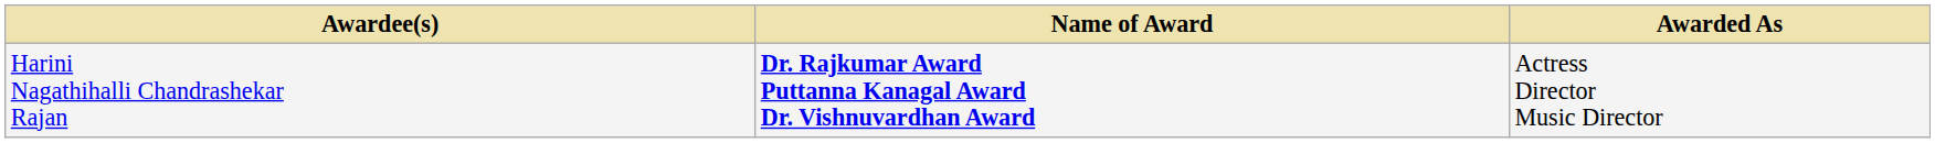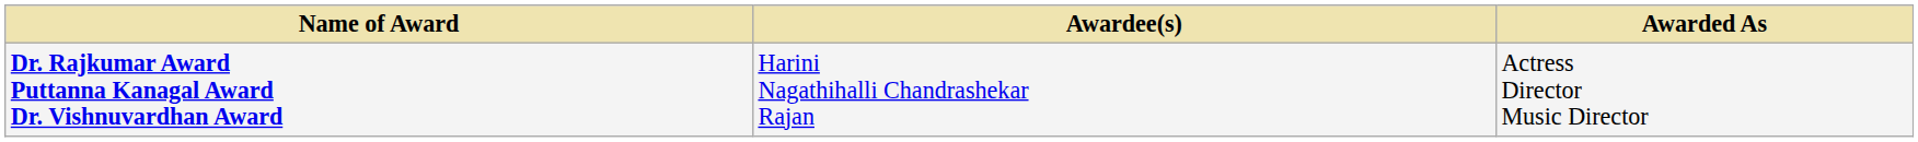 <table class="wikitable" style="width:100%;">
 <tr>
+<th style="background-color:#EFE4B0;">Name of Award</th>
 <th style="background-color:#EFE4B0;">Awardee(s)</th>
-<th style="background-color:#EFE4B0;">Name of Award</th>
 <th style="background-color:#EFE4B0;">Awarded As</th>
 </tr>
 <tr style="background-color:#F4F4F4">
+<td><strong><a href='#'>Dr. Rajkumar Award</a></strong><br><strong><a href='#'>Puttanna Kanagal Award</a></strong><br><strong><a href='#'>Dr. Vishnuvardhan Award</a></strong></td>
 <td><a href='#'>Harini</a><br><a href='#'>Nagathihalli Chandrashekar</a><br><a href='#'>Rajan</a></td>
-<td><strong><a href='#'>Dr. Rajkumar Award</a></strong><br><strong><a href='#'>Puttanna Kanagal Award</a></strong><br><strong><a href='#'>Dr. Vishnuvardhan Award</a></strong></td>
 <td>Actress<br>Director<br>Music Director</td>
 </tr>
 </table>
